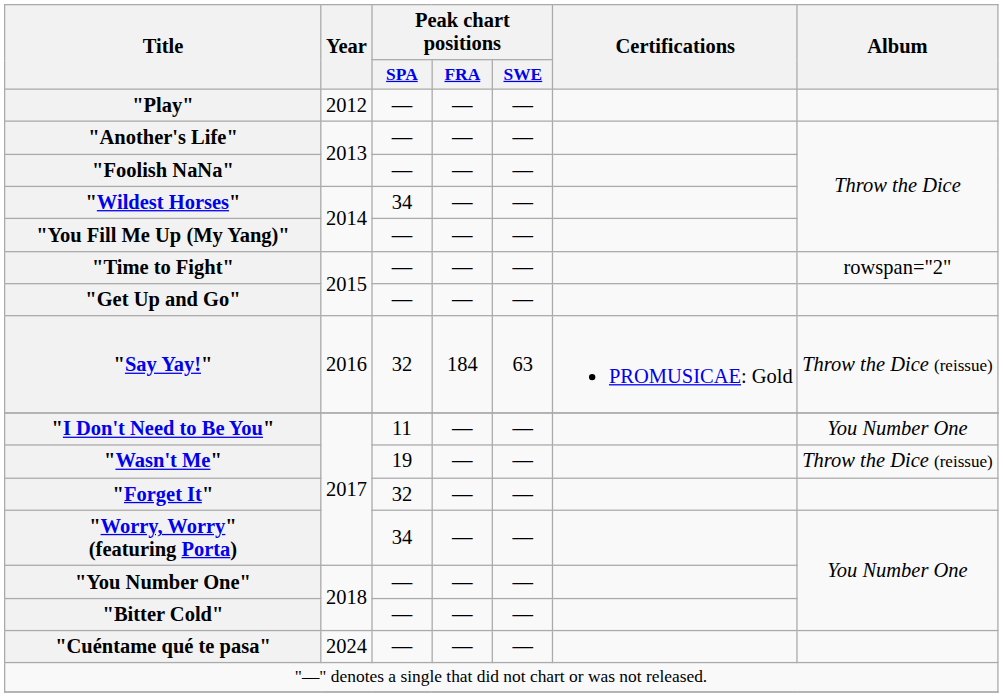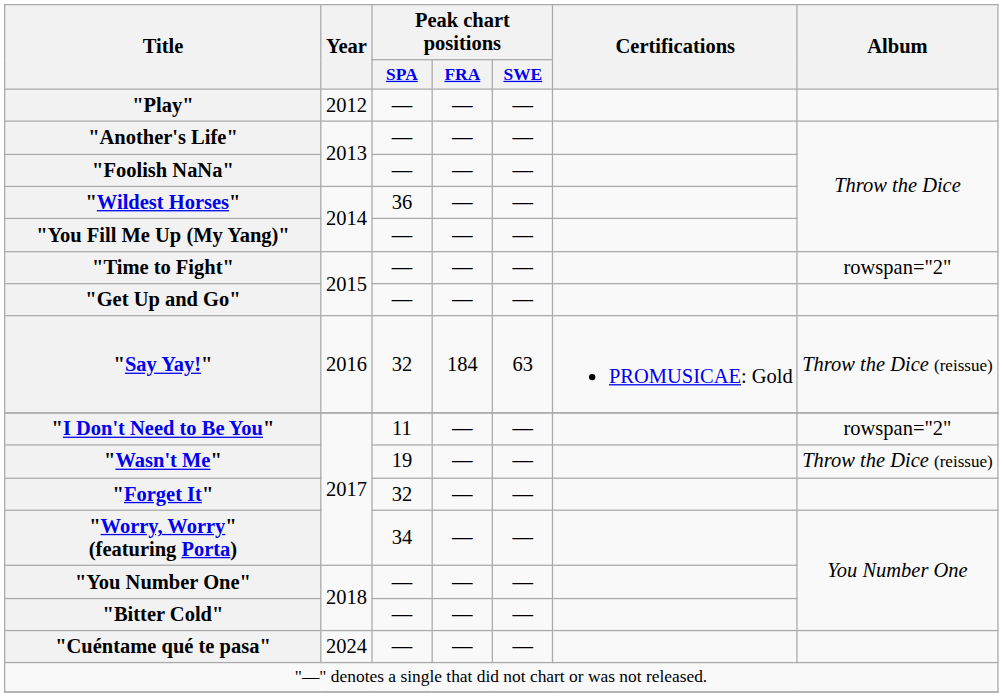 <table class="wikitable plainrowheaders" style="text-align:center;">
 <tr>
 <th scope="col" rowspan="2" style="width:15em;">Title</th>
 <th scope="col" rowspan="2" style="width:1em;">Year</th>
 <th scope="col" colspan="3">Peak chart positions</th>
 <th scope="col" rowspan="2">Certifications</th>
 <th scope="col" rowspan="2">Album</th>
 </tr>
 <tr>
 <th scope="col" style="width:3em;font-size:85%;"><a href='#'>SPA</a><br></th>
 <th scope="col" style="width:3em;font-size:85%;"><a href='#'>FRA</a><br></th>
 <th scope="col" style="width:3em;font-size:85%;"><a href='#'>SWE</a><br></th>
 </tr>
 <tr>
 <th scope="row">"Play"</th>
 <td>2012</td>
 <td>—</td>
 <td>—</td>
 <td>—</td>
 <td></td>
 <td></td>
 </tr>
 <tr>
 <th scope="row">"Another's Life"</th>
 <td rowspan="2">2013</td>
 <td>—</td>
 <td>—</td>
 <td>—</td>
 <td></td>
 <td rowspan="4"><em>Throw the Dice</em></td>
 </tr>
 <tr>
 <th scope="row">"Foolish NaNa"</th>
 <td>—</td>
 <td>—</td>
 <td>—</td>
 <td></td>
 </tr>
 <tr>
 <th scope="row">"<a href='#'>Wildest Horses</a>"</th>
 <td rowspan="2">2014</td>
-<td>34</td>
+<td>36</td>
 <td>—</td>
 <td>—</td>
 <td></td>
 </tr>
 <tr>
 <th scope="row">"You Fill Me Up (My Yang)"</th>
 <td>—</td>
 <td>—</td>
 <td>—</td>
 <td></td>
 </tr>
 <tr>
 <th scope="row">"Time to Fight"</th>
 <td rowspan="2">2015</td>
 <td>—</td>
 <td>—</td>
 <td>—</td>
 <td></td>
 <td>rowspan="2" </td>
 </tr>
 <tr>
 <th scope="row">"Get Up and Go"</th>
 <td>—</td>
 <td>—</td>
 <td>—</td>
 <td></td>
 </tr>
 <tr>
 <th scope="row">"<a href='#'>Say Yay!</a>"</th>
 <td>2016</td>
 <td>32</td>
 <td>184</td>
 <td>63</td>
 <td><br><ul><li><a href='#'>PROMUSICAE</a>: Gold</li></ul></td>
 <td><em>Throw the Dice</em> <small>(reissue)</small></td>
 </tr>
 <tr>
 </tr>
 <tr>
 <th scope="row">"<a href='#'>I Don't Need to Be You</a>"</th>
 <td rowspan="4">2017</td>
 <td>11</td>
 <td>—</td>
 <td>—</td>
 <td></td>
-<td><em>You Number One</em></td>
+<td>rowspan="2" </td>
 </tr>
 <tr>
 <th scope="row">"<a href='#'>Wasn't Me</a>"</th>
 <td>19</td>
 <td>—</td>
 <td>—</td>
 <td></td>
 <td><em>Throw the Dice</em> <small>(reissue)</small></td>
 </tr>
 <tr>
 <th scope="row">"<a href='#'>Forget It</a>"</th>
 <td>32</td>
 <td>—</td>
 <td>—</td>
 <td></td>
 </tr>
 <tr>
 <th scope="row">"<a href='#'>Worry, Worry</a>"<br><span>(featuring <a href='#'>Porta</a>)</span></th>
 <td>34</td>
 <td>—</td>
 <td>—</td>
 <td></td>
 <td rowspan="3"><em>You Number One</em></td>
 </tr>
 <tr>
 <th scope="row">"You Number One"</th>
 <td rowspan="2">2018</td>
 <td>—</td>
 <td>—</td>
 <td>—</td>
 <td></td>
 </tr>
 <tr>
 <th scope="row">"Bitter Cold"</th>
 <td>—</td>
 <td>—</td>
 <td>—</td>
 <td></td>
 </tr>
 <tr>
 <th scope="row">"Cuéntame qué te pasa"</th>
 <td>2024</td>
 <td>—</td>
 <td>—</td>
 <td>—</td>
 <td></td>
 <td></td>
 </tr>
 <tr>
 <td style="text-align:center; font-size:85%;" colspan="22">"—" denotes a single that did not chart or was not released.</td>
 </tr>
 <tr>
 </tr>
 </table>
